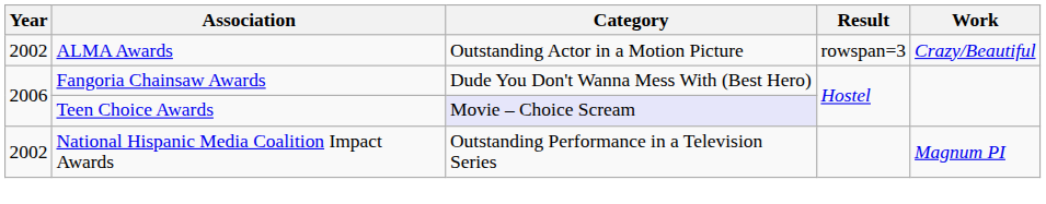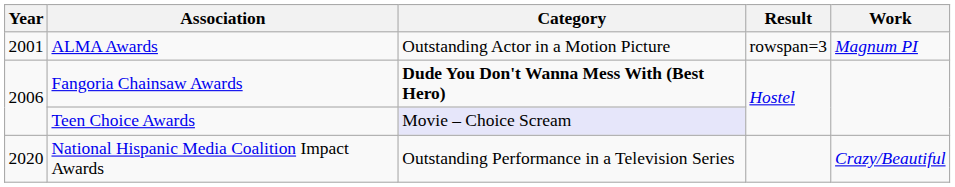 <table class="wikitable sortable">
 <tr>
 <th>Year</th>
 <th>Association</th>
 <th>Category</th>
 <th>Result</th>
 <th>Work</th>
 </tr>
 <tr>
-<td>2002</td>
+<td>2001</td>
 <td><a href='#'>ALMA Awards</a></td>
 <td>Outstanding Actor in a Motion Picture</td>
 <td>rowspan=3 </td>
-<td><em><a href='#'>Crazy/Beautiful</a></em></td>
+<td><em><a href='#'>Magnum PI</a></em></td>
 </tr>
 <tr>
 <td rowspan=2>2006</td>
 <td><a href='#'>Fangoria Chainsaw Awards</a></td>
-<td>Dude You Don't Wanna Mess With (Best Hero)</td>
+<td><strong>Dude You Don't Wanna Mess With (Best Hero)</strong></td>
 <td rowspan=2><em><a href='#'>Hostel</a></em></td>
 </tr>
 <tr>
 <td><a href='#'>Teen Choice Awards</a></td>
 <td style="background: lavender;">Movie – Choice Scream</td>
 </tr>
 <tr>
-<td>2002</td>
+<td>2020</td>
 <td><a href='#'>National Hispanic Media Coalition</a> Impact Awards</td>
 <td>Outstanding Performance in a Television Series</td>
 <td></td>
-<td><em><a href='#'>Magnum PI</a></em></td>
+<td><em><a href='#'>Crazy/Beautiful</a></em></td>
 </tr>
 </table>
